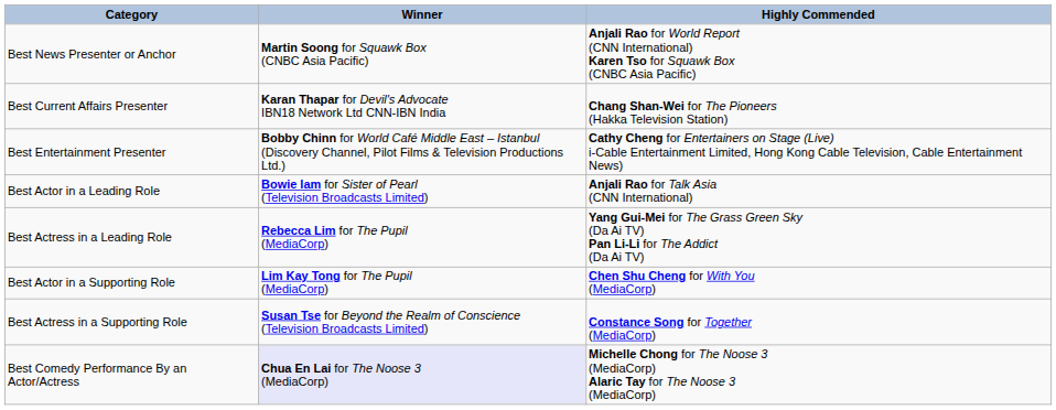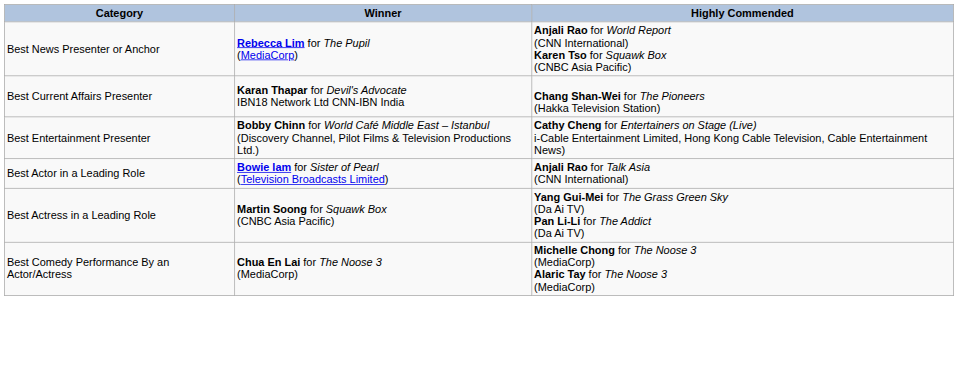 <table class="wikitable" style="font-size:90%" cellpadding="5">
 <tr style="text-align:center;">
 <th style="background:#B0C4DE;">Category</th>
 <th style="background:#B0C4DE;">Winner</th>
 <th style="background:#B0C4DE;">Highly Commended</th>
 </tr>
 <tr>
 <td>Best News Presenter or Anchor</td>
-<td> <strong>Martin Soong</strong> for <em>Squawk Box</em><br>(CNBC Asia Pacific)</td>
+<td> <strong><a href='#'>Rebecca Lim</a></strong> for <em>The Pupil</em><br>(<a href='#'>MediaCorp</a>)</td>
 <td> <strong>Anjali Rao</strong> for <em>World Report</em><br>(CNN International)<br> <strong>Karen Tso</strong> for <em>Squawk Box</em><br>(CNBC Asia Pacific)</td>
 </tr>
 <tr>
 <td>Best Current Affairs Presenter</td>
 <td> <strong>Karan Thapar</strong> for <em>Devil's Advocate</em><br>IBN18 Network Ltd CNN-IBN India</td>
 <td><br> <strong>Chang Shan-Wei</strong> for <em>The Pioneers</em><br>(Hakka Television Station)</td>
 </tr>
 <tr>
 <td>Best Entertainment Presenter</td>
 <td> <strong>Bobby Chinn</strong> for <em>World Café Middle East – Istanbul</em><br>(Discovery Channel, Pilot Films & Television Productions Ltd.)</td>
 <td> <strong>Cathy Cheng</strong> for <em>Entertainers on Stage (Live)</em><br>i-Cable Entertainment Limited, Hong Kong Cable Television, Cable Entertainment News)</td>
 </tr>
 <tr>
 <td>Best Actor in a Leading Role</td>
 <td> <strong><a href='#'>Bowie lam</a></strong> for <em>Sister of Pearl</em><br>(<a href='#'>Television Broadcasts Limited</a>)</td>
 <td> <strong>Anjali Rao</strong> for <em>Talk Asia</em><br>(CNN International)</td>
 </tr>
 <tr>
 <td>Best Actress in a Leading Role</td>
-<td> <strong><a href='#'>Rebecca Lim</a></strong> for <em>The Pupil</em><br>(<a href='#'>MediaCorp</a>)</td>
+<td> <strong>Martin Soong</strong> for <em>Squawk Box</em><br>(CNBC Asia Pacific)</td>
 <td> <strong>Yang Gui-Mei</strong> for <em>The Grass Green Sky</em><br>(Da Ai TV)<br> <strong>Pan Li-Li</strong> for <em>The Addict</em><br>(Da Ai TV)</td>
 </tr>
 <tr>
-<td>Best Actor in a Supporting Role</td>
-<td> <strong><a href='#'>Lim Kay Tong</a></strong> for <em>The Pupil</em><br>(<a href='#'>MediaCorp</a>)</td>
-<td> <strong><a href='#'>Chen Shu Cheng</a></strong> for <em><a href='#'>With You</a></em><br>(<a href='#'>MediaCorp</a>)</td>
-</tr>
-<tr>
-<td>Best Actress in a Supporting Role</td>
-<td> <strong><a href='#'>Susan Tse</a></strong> for<em> Beyond the Realm of Conscience</em><br>(<a href='#'>Television Broadcasts Limited</a>)</td>
-<td><br> <strong><a href='#'>Constance Song</a></strong> for <em><a href='#'>Together</a></em><br>(<a href='#'>MediaCorp</a>)</td>
-</tr>
-<tr>
 <td>Best Comedy Performance By an Actor/Actress</td>
-<td style="background: lavender;"> <strong>Chua En Lai</strong> for <em>The Noose 3</em><br>(MediaCorp)</td>
+<td> <strong>Chua En Lai</strong> for <em>The Noose 3</em><br>(MediaCorp)</td>
 <td> <strong>Michelle Chong</strong> for <em>The Noose 3</em><br>(MediaCorp)<br> <strong>Alaric Tay</strong> for <em>The Noose 3</em><br>(MediaCorp)</td>
 </tr>
 </table>
